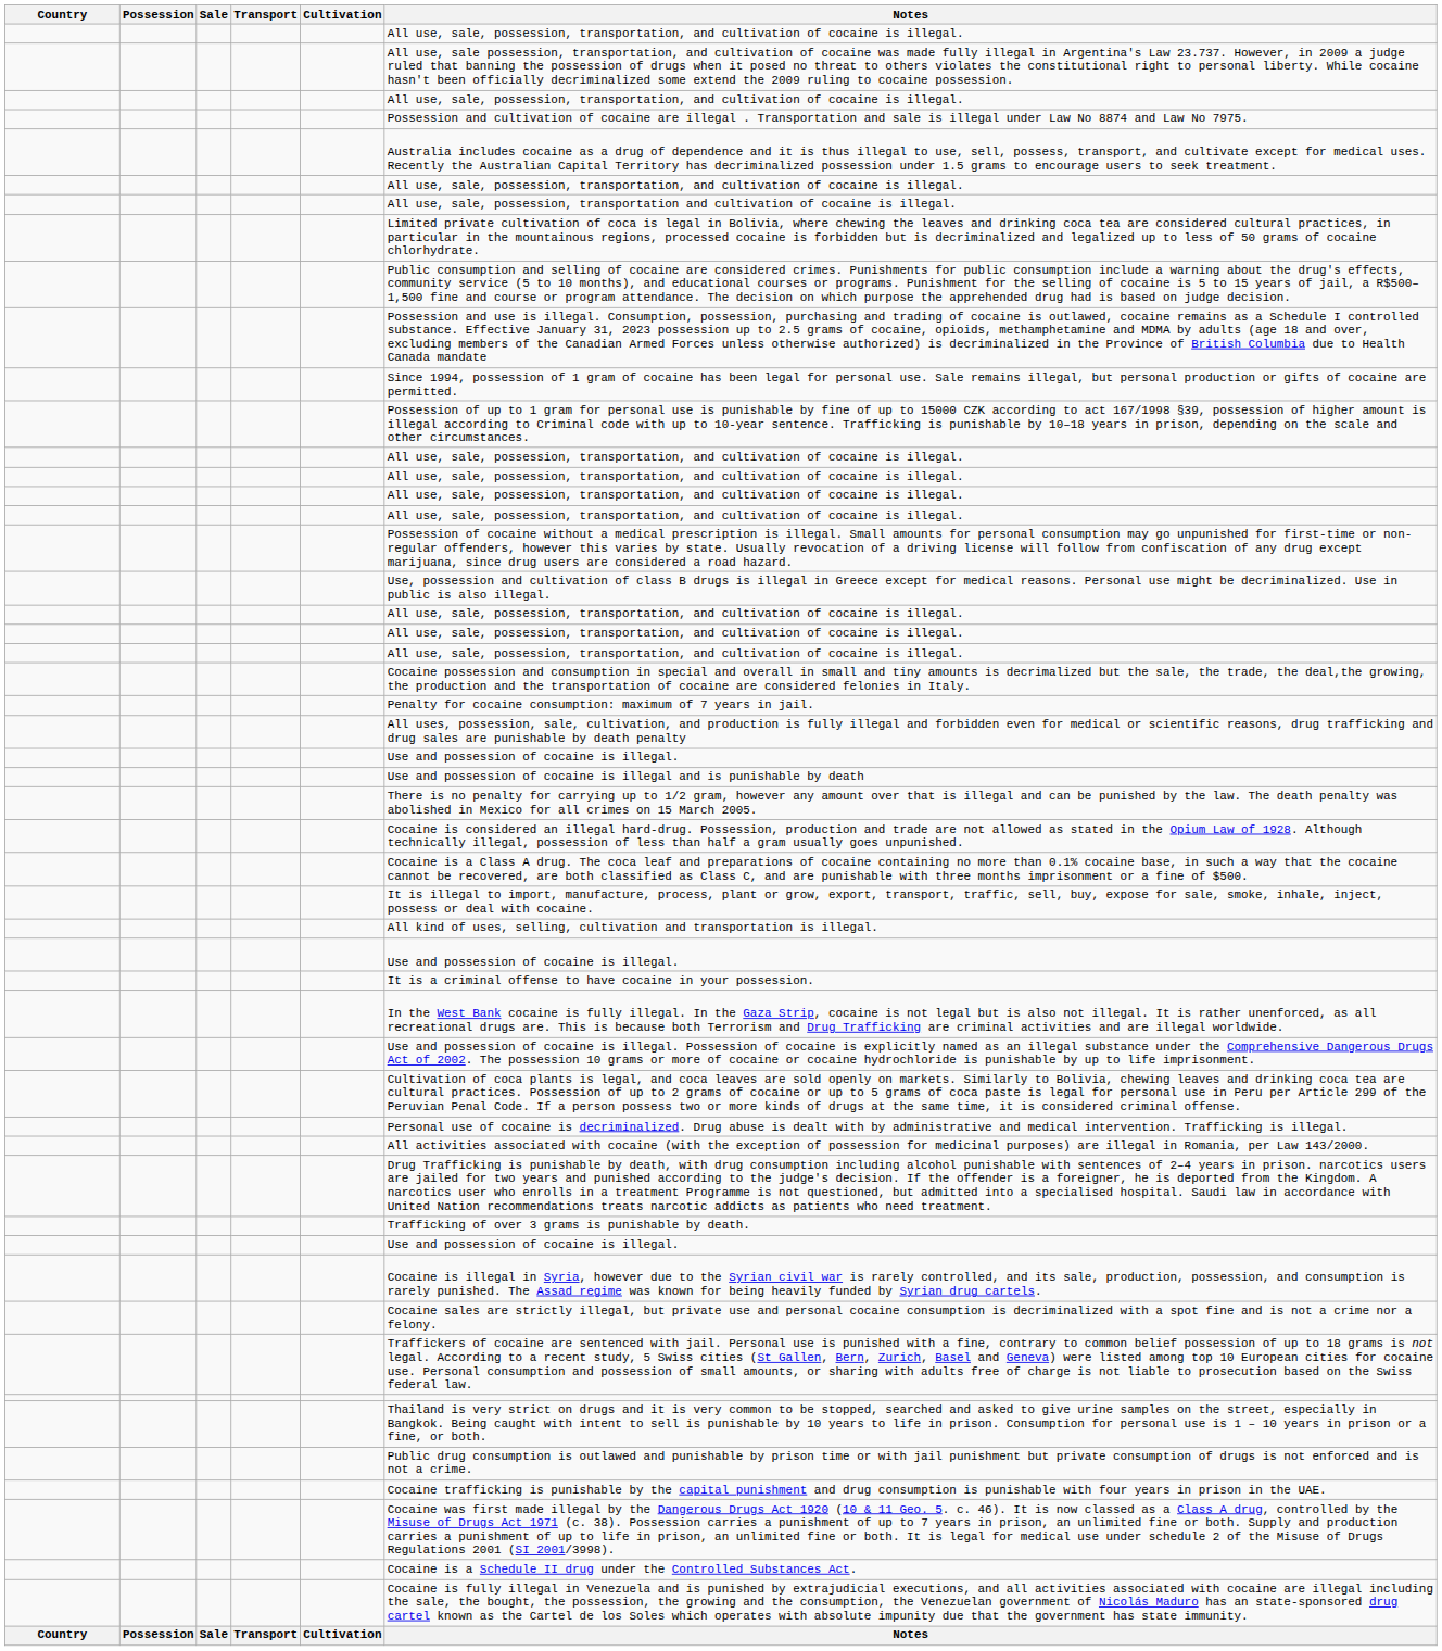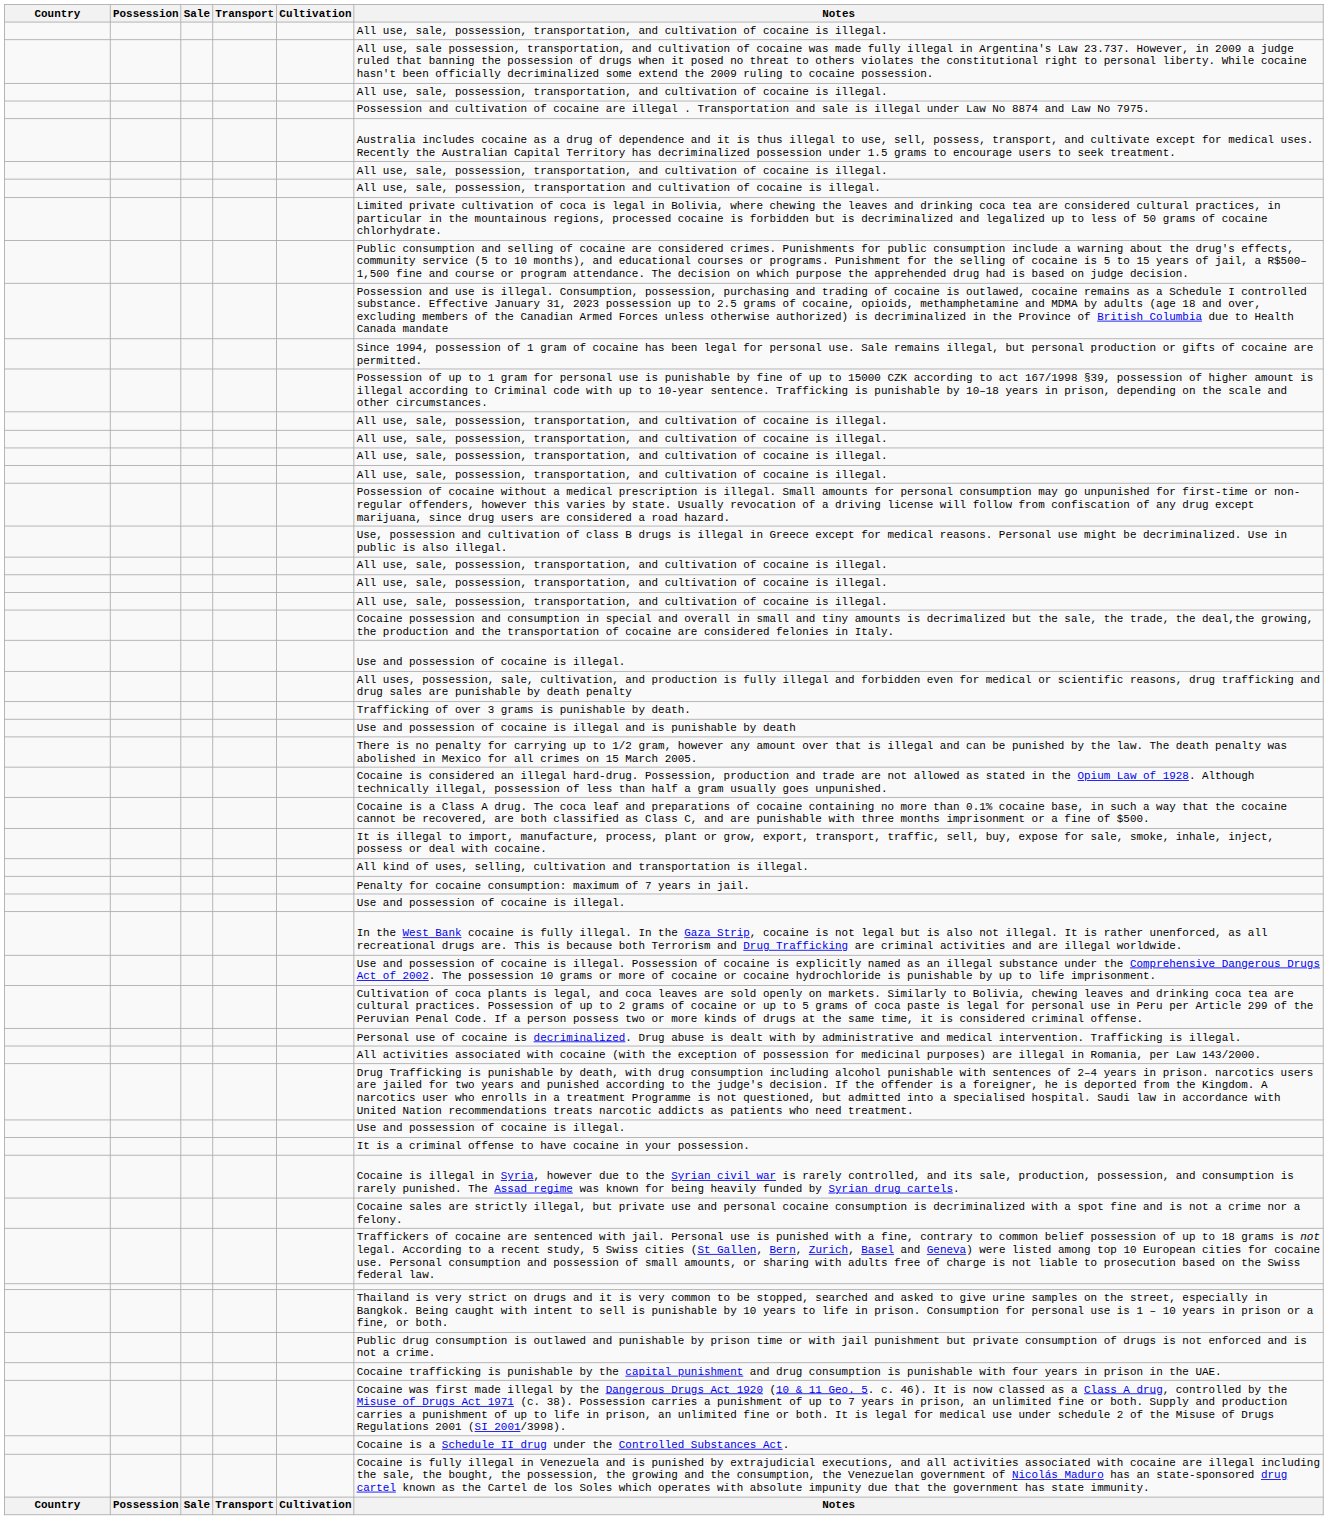 <table class="wikitable sortable" style="text-align:left">
 <tr>
 <th style="width:120px;">Country</th>
 <th>Possession</th>
 <th>Sale</th>
 <th>Transport</th>
 <th>Cultivation</th>
 <th>Notes</th>
 </tr>
 <tr>
 <td></td>
 <td></td>
 <td></td>
 <td></td>
 <td></td>
 <td>All use, sale, possession, transportation, and cultivation of cocaine is illegal. </td>
 </tr>
 <tr>
 <td></td>
 <td></td>
 <td></td>
 <td></td>
 <td></td>
 <td>All use, sale possession, transportation, and cultivation of cocaine was made fully illegal in Argentina's Law 23.737. However, in 2009 a judge ruled that banning the possession of drugs when it posed no threat to others violates the constitutional right to personal liberty. While cocaine hasn't been officially decriminalized some extend the 2009 ruling to cocaine possession.</td>
 </tr>
 <tr>
 <td></td>
 <td></td>
 <td></td>
 <td></td>
 <td></td>
 <td>All use, sale, possession, transportation, and cultivation of cocaine is illegal.</td>
 </tr>
 <tr>
 <td></td>
 <td></td>
 <td></td>
 <td></td>
 <td></td>
 <td>Possession and cultivation of cocaine are illegal . Transportation and sale is illegal under Law No 8874 and Law No 7975.</td>
 </tr>
 <tr>
 <td></td>
 <td></td>
 <td></td>
 <td></td>
 <td></td>
 <td><br>Australia includes cocaine as a drug of dependence and it is thus illegal to use, sell, possess, transport, and cultivate except for medical uses. Recently the Australian Capital Territory has decriminalized possession under 1.5 grams to encourage users to seek treatment.</td>
 </tr>
 <tr>
 <td></td>
 <td></td>
 <td></td>
 <td></td>
 <td></td>
 <td>All use, sale, possession, transportation, and cultivation of cocaine is illegal.</td>
 </tr>
 <tr>
 <td></td>
 <td></td>
 <td></td>
 <td></td>
 <td></td>
 <td>All use, sale, possession, transportation and cultivation of cocaine is illegal.</td>
 </tr>
 <tr>
 <td></td>
 <td></td>
 <td></td>
 <td></td>
 <td></td>
 <td>Limited private cultivation of coca is legal in Bolivia, where chewing the leaves and drinking coca tea are considered cultural practices, in particular in the mountainous regions, processed cocaine is forbidden but is decriminalized and legalized up to less of 50 grams of cocaine chlorhydrate.</td>
 </tr>
 <tr>
 <td></td>
 <td></td>
 <td></td>
 <td></td>
 <td></td>
 <td>Public consumption and selling of cocaine are considered crimes. Punishments for public consumption include a warning about the drug's effects, community service (5 to 10 months), and educational courses or programs. Punishment for the selling of cocaine is 5 to 15 years of jail, a R$500–1,500 fine and course or program attendance. The decision on which purpose the apprehended drug had is based on judge decision.</td>
 </tr>
 <tr>
 <td></td>
 <td></td>
 <td></td>
 <td></td>
 <td></td>
 <td>Possession and use is illegal. Consumption, possession, purchasing and trading of cocaine is outlawed, cocaine remains as a Schedule I controlled substance. Effective January 31, 2023 possession up to 2.5 grams of cocaine, opioids, methamphetamine and MDMA by adults (age 18 and over, excluding members of the Canadian Armed Forces unless otherwise authorized) is decriminalized in the Province of <a href='#'>British Columbia</a> due to Health Canada mandate</td>
 </tr>
 <tr>
 <td></td>
 <td></td>
 <td></td>
 <td></td>
 <td></td>
 <td>Since 1994, possession of 1 gram of cocaine has been legal for personal use. Sale remains illegal, but personal production or gifts of cocaine are permitted.</td>
 </tr>
 <tr>
 <td></td>
 <td></td>
 <td></td>
 <td></td>
 <td></td>
 <td>Possession of up to 1 gram for personal use is punishable by fine of up to 15000 CZK according to act 167/1998 §39, possession of higher amount is illegal according to Criminal code with up to 10-year sentence. Trafficking is punishable by 10–18 years in prison, depending on the scale and other circumstances.</td>
 </tr>
 <tr>
 <td></td>
 <td></td>
 <td></td>
 <td></td>
 <td></td>
 <td>All use, sale, possession, transportation, and cultivation of cocaine is illegal.</td>
 </tr>
 <tr>
 <td></td>
 <td></td>
 <td></td>
 <td></td>
 <td></td>
 <td>All use, sale, possession, transportation, and cultivation of cocaine is illegal.</td>
 </tr>
 <tr>
 <td></td>
 <td></td>
 <td></td>
 <td></td>
 <td></td>
 <td>All use, sale, possession, transportation, and cultivation of cocaine is illegal.</td>
 </tr>
 <tr>
 <td></td>
 <td></td>
 <td></td>
 <td></td>
 <td></td>
 <td>All use, sale, possession, transportation, and cultivation of cocaine is illegal.</td>
 </tr>
 <tr>
 <td></td>
 <td></td>
 <td></td>
 <td></td>
 <td></td>
 <td>Possession of cocaine without a medical prescription is illegal. Small amounts for personal consumption may go unpunished for first-time or non-regular offenders, however this varies by state. Usually revocation of a driving license will follow from confiscation of any drug except marijuana, since drug users are considered a road hazard.</td>
 </tr>
 <tr>
 <td></td>
 <td></td>
 <td></td>
 <td></td>
 <td></td>
 <td>Use, possession and cultivation of class B drugs is illegal in Greece except for medical reasons. Personal use might be decriminalized. Use in public is also illegal.</td>
 </tr>
 <tr>
 <td></td>
 <td></td>
 <td></td>
 <td></td>
 <td></td>
 <td>All use, sale, possession, transportation, and cultivation of cocaine is illegal.</td>
 </tr>
 <tr>
 <td></td>
 <td></td>
 <td></td>
 <td></td>
 <td></td>
 <td>All use, sale, possession, transportation, and cultivation of cocaine is illegal.</td>
 </tr>
 <tr>
 <td></td>
 <td></td>
 <td></td>
 <td></td>
 <td></td>
 <td>All use, sale, possession, transportation, and cultivation of cocaine is illegal.</td>
 </tr>
 <tr>
 <td></td>
 <td></td>
 <td></td>
 <td></td>
 <td></td>
 <td>Cocaine possession and consumption in special and overall in small and tiny amounts is decrimalized but the sale, the trade, the deal,the growing, the production and the transportation of cocaine are considered felonies in Italy.</td>
 </tr>
 <tr>
 <td></td>
 <td></td>
 <td></td>
 <td></td>
 <td></td>
-<td>Penalty for cocaine consumption: maximum of 7 years in jail.</td>
+<td><br>Use and possession of cocaine is illegal. </td>
 </tr>
 <tr>
 <td></td>
 <td></td>
 <td></td>
 <td></td>
 <td></td>
 <td>All uses, possession, sale, cultivation, and production is fully illegal and forbidden even for medical or scientific reasons, drug trafficking and drug sales are punishable by death penalty</td>
 </tr>
 <tr>
 <td></td>
 <td></td>
 <td></td>
 <td></td>
 <td></td>
-<td>Use and possession of cocaine is illegal.</td>
+<td>Trafficking of over 3 grams is punishable by death.</td>
 </tr>
 <tr>
 <td></td>
 <td></td>
 <td></td>
 <td></td>
 <td></td>
 <td>Use and possession of cocaine is illegal and is punishable by death </td>
 </tr>
 <tr>
 <td></td>
 <td></td>
 <td></td>
 <td></td>
 <td></td>
 <td>There is no penalty for carrying up to 1/2 gram, however any amount over that is illegal and can be punished by the law. The death penalty was abolished in Mexico for all crimes on 15 March 2005.</td>
 </tr>
 <tr>
 <td></td>
 <td></td>
 <td></td>
 <td></td>
 <td></td>
 <td>Cocaine is considered an illegal hard-drug. Possession, production and trade are not allowed as stated in the <a href='#'>Opium Law of 1928</a>. Although technically illegal, possession of less than half a gram usually goes unpunished.</td>
 </tr>
 <tr>
 <td></td>
 <td></td>
 <td></td>
 <td></td>
 <td></td>
 <td>Cocaine is a Class A drug. The coca leaf and preparations of cocaine containing no more than 0.1% cocaine base, in such a way that the cocaine cannot be recovered, are both classified as Class C, and are punishable with three months imprisonment or a fine of $500.</td>
 </tr>
 <tr>
 <td></td>
 <td></td>
 <td></td>
 <td></td>
 <td></td>
 <td>It is illegal to import, manufacture, process, plant or grow, export, transport, traffic, sell, buy, expose for sale, smoke, inhale, inject, possess or deal with cocaine.</td>
 </tr>
 <tr>
 <td></td>
 <td></td>
 <td></td>
 <td></td>
 <td></td>
 <td>All kind of uses, selling, cultivation and transportation is illegal.</td>
 </tr>
 <tr>
 <td></td>
 <td></td>
 <td></td>
 <td></td>
 <td></td>
-<td><br>Use and possession of cocaine is illegal. </td>
+<td>Penalty for cocaine consumption: maximum of 7 years in jail.</td>
 </tr>
 <tr>
 <td></td>
 <td></td>
 <td></td>
 <td></td>
 <td></td>
-<td>It is a criminal offense to have cocaine in your possession.</td>
+<td>Use and possession of cocaine is illegal.</td>
 </tr>
 <tr>
 <td></td>
 <td></td>
 <td></td>
 <td></td>
 <td></td>
 <td><br>In the <a href='#'>West Bank</a> cocaine is fully illegal. In the <a href='#'>Gaza Strip</a>, cocaine is not legal but is also not illegal. It is rather unenforced, as all recreational drugs are. This is because both Terrorism and <a href='#'>Drug Trafficking</a> are criminal activities and are illegal worldwide.</td>
 </tr>
 <tr>
 <td></td>
 <td></td>
 <td></td>
 <td></td>
 <td></td>
 <td>Use and possession of cocaine is illegal. Possession of cocaine is explicitly named as an illegal substance under the <a href='#'>Comprehensive Dangerous Drugs Act of 2002</a>. The possession 10 grams or more of cocaine or cocaine hydrochloride is punishable by up to life imprisonment.</td>
 </tr>
 <tr>
 <td></td>
 <td></td>
 <td></td>
 <td></td>
 <td></td>
 <td>Cultivation of coca plants is legal, and coca leaves are sold openly on markets. Similarly to Bolivia, chewing leaves and drinking coca tea are cultural practices. Possession of up to 2 grams of cocaine or up to 5 grams of coca paste is legal for personal use in Peru per Article 299 of the Peruvian Penal Code. If a person possess two or more kinds of drugs at the same time, it is considered criminal offense.</td>
 </tr>
 <tr>
 <td></td>
 <td></td>
 <td></td>
 <td></td>
 <td></td>
 <td>Personal use of cocaine is <a href='#'>decriminalized</a>. Drug abuse is dealt with by administrative and medical intervention. Trafficking is illegal.</td>
 </tr>
 <tr>
 <td></td>
 <td></td>
 <td></td>
 <td></td>
 <td></td>
 <td>All activities associated with cocaine (with the exception of possession for medicinal purposes) are illegal in Romania, per Law 143/2000.</td>
 </tr>
 <tr>
 <td></td>
 <td></td>
 <td></td>
 <td></td>
 <td></td>
 <td>Drug Trafficking is punishable by death, with drug consumption including alcohol punishable with sentences of 2–4 years in prison. narcotics users are jailed for two years and punished according to the judge's decision. If the offender is a foreigner, he is deported from the Kingdom. A narcotics user who enrolls in a treatment Programme is not questioned, but admitted into a specialised hospital. Saudi law in accordance with United Nation recommendations treats narcotic addicts as patients who need treatment.</td>
 </tr>
 <tr>
 <td></td>
 <td></td>
 <td></td>
 <td></td>
 <td></td>
-<td>Trafficking of over 3 grams is punishable by death.</td>
+<td>Use and possession of cocaine is illegal.</td>
 </tr>
 <tr>
 <td></td>
 <td></td>
 <td></td>
 <td></td>
 <td></td>
-<td>Use and possession of cocaine is illegal.</td>
+<td>It is a criminal offense to have cocaine in your possession.</td>
 </tr>
 <tr>
 <td></td>
 <td></td>
 <td></td>
 <td></td>
 <td></td>
 <td><br>Cocaine is illegal in <a href='#'>Syria</a>, however due to the <a href='#'>Syrian civil war</a> is rarely controlled, and its sale, production, possession, and consumption is rarely punished. The <a href='#'>Assad regime</a> was known for being heavily funded by <a href='#'>Syrian drug cartels</a>.</td>
 </tr>
 <tr>
 <td></td>
 <td></td>
 <td></td>
 <td></td>
 <td></td>
 <td>Cocaine sales are strictly illegal, but private use and personal cocaine consumption is decriminalized with a spot fine and is not a crime nor a felony.</td>
 </tr>
 <tr>
 <td></td>
 <td></td>
 <td></td>
 <td></td>
 <td></td>
 <td>Traffickers of cocaine are sentenced with jail. Personal use is punished with a fine, contrary to common belief possession of up to 18 grams is <em>not</em> legal. According to a recent study, 5 Swiss cities (<a href='#'>St Gallen</a>, <a href='#'>Bern</a>, <a href='#'>Zurich</a>, <a href='#'>Basel</a> and <a href='#'>Geneva</a>) were listed among top 10 European cities for cocaine use. Personal consumption and possession of small amounts, or sharing with adults free of charge is not liable to prosecution based on the Swiss federal law.</td>
 </tr>
 <tr>
 <td></td>
 <td></td>
 <td></td>
 <td></td>
 <td></td>
 <td></td>
 </tr>
 <tr>
 <td></td>
 <td></td>
 <td></td>
 <td></td>
 <td></td>
 <td>Thailand is very strict on drugs and it is very common to be stopped, searched and asked to give urine samples on the street, especially in Bangkok. Being caught with intent to sell is punishable by 10 years to life in prison. Consumption for personal use is 1 – 10 years in prison or a fine, or both.</td>
 </tr>
 <tr>
 <td></td>
 <td></td>
 <td></td>
 <td></td>
 <td></td>
 <td>Public drug consumption is outlawed and punishable by prison time or with jail punishment but private consumption of drugs is not enforced and is not a crime.</td>
 </tr>
 <tr>
 <td></td>
 <td></td>
 <td></td>
 <td></td>
 <td></td>
 <td>Cocaine trafficking is punishable by the <a href='#'>capital punishment</a> and drug consumption is punishable with four years in prison in the UAE.</td>
 </tr>
 <tr>
 <td></td>
 <td></td>
 <td></td>
 <td></td>
 <td></td>
 <td>Cocaine was first made illegal by the <a href='#'>Dangerous Drugs Act 1920</a> (<a href='#'>10 & 11 Geo. 5</a>. c. 46). It is now classed as a <a href='#'>Class A drug</a>, controlled by the <a href='#'>Misuse of Drugs Act 1971</a> (c. 38). Possession carries a punishment of up to 7 years in prison, an unlimited fine or both. Supply and production carries a punishment of up to life in prison, an unlimited fine or both. It is legal for medical use under schedule 2 of the Misuse of Drugs Regulations 2001 (<a href='#'>SI&nbsp;2001</a>/3998).</td>
 </tr>
 <tr>
 <td></td>
 <td></td>
 <td></td>
 <td></td>
 <td></td>
 <td>Cocaine is a <a href='#'>Schedule II drug</a> under the <a href='#'>Controlled Substances Act</a>.</td>
 </tr>
 <tr>
 <td></td>
 <td></td>
 <td></td>
 <td></td>
 <td></td>
 <td>Cocaine is fully illegal in Venezuela and is punished by extrajudicial executions, and all activities associated with cocaine are illegal including the sale, the bought, the possession, the growing and the consumption, the Venezuelan government of <a href='#'>Nicolás Maduro</a> has an state-sponsored <a href='#'>drug cartel</a> known as the Cartel de los Soles which operates with absolute impunity due that the government has state immunity.</td>
 </tr>
 <tr>
 <th>Country</th>
 <th>Possession</th>
 <th>Sale</th>
 <th>Transport</th>
 <th>Cultivation</th>
 <th>Notes</th>
 </tr>
 </table>
